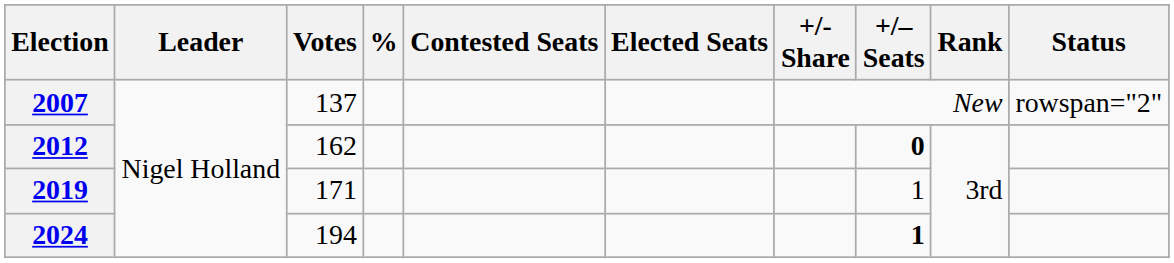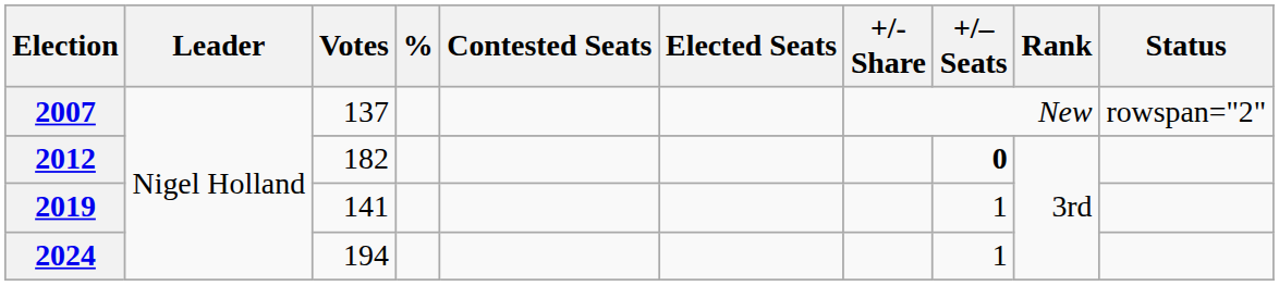 <table class="wikitable" style="text-align:right">
 <tr>
 <th>Election</th>
 <th>Leader</th>
 <th>Votes</th>
 <th>%</th>
 <th>Contested Seats</th>
 <th>Elected Seats</th>
 <th>+/-<br>Share</th>
 <th>+/–<br>Seats</th>
 <th>Rank</th>
 <th>Status</th>
 </tr>
 <tr>
 <th><a href='#'>2007</a></th>
 <td rowspan="4" align="left">Nigel Holland</td>
 <td>137</td>
 <td></td>
 <td></td>
 <td></td>
 <td colspan="3"><em>New</em></td>
 <td>rowspan="2" </td>
 </tr>
 <tr>
 <th><a href='#'>2012</a></th>
-<td>162</td>
+<td>182</td>
 <td></td>
 <td></td>
 <td></td>
 <td></td>
 <td><strong> 0</strong></td>
 <td rowspan="3"> 3rd</td>
 </tr>
 <tr>
 <th><a href='#'>2019</a></th>
-<td>171</td>
+<td>141</td>
 <td></td>
 <td></td>
 <td></td>
 <td></td>
 <td> 1</td>
 <td></td>
 </tr>
 <tr>
 <th><a href='#'>2024</a></th>
 <td>194</td>
 <td></td>
 <td></td>
 <td></td>
 <td></td>
-<td><strong>1</strong></td>
+<td>1</td>
 <td></td>
 </tr>
 </table>
